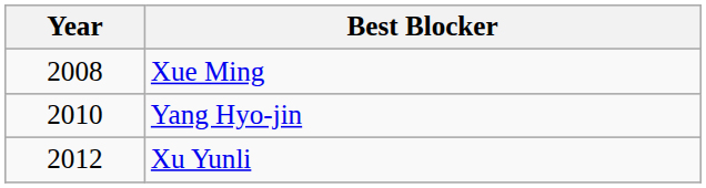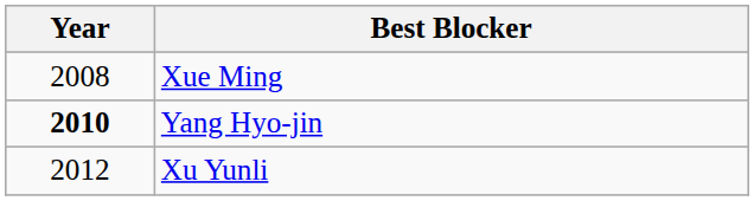 <table class="wikitable" style="width: 400px;">
 <tr>
 <th style="width: 20%;">Year</th>
 <th style="width: 80%;">Best Blocker</th>
 </tr>
 <tr>
 <td align=center>2008</td>
 <td> <a href='#'>Xue Ming</a></td>
 </tr>
 <tr>
-<td align=center>2010</td>
+<td align=center><strong>2010</strong></td>
 <td> <a href='#'>Yang Hyo-jin</a></td>
 </tr>
 <tr>
 <td align=center>2012</td>
 <td> <a href='#'>Xu Yunli</a></td>
 </tr>
 </table>
